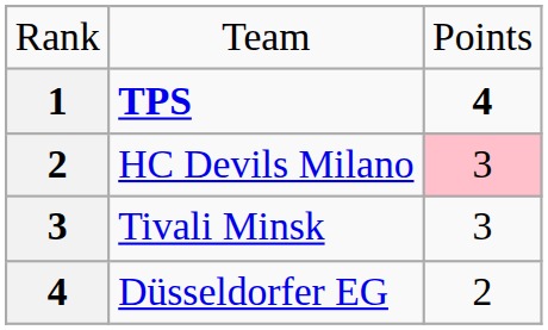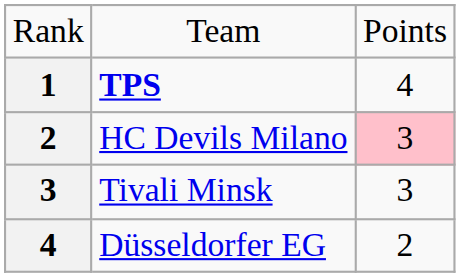 <table class="wikitable" style="text-align: center;">
 <tr>
 <td>Rank</td>
 <td>Team</td>
 <td>Points</td>
 </tr>
 <tr>
 <th>1</th>
 <td style="text-align: left;"> <strong><a href='#'>TPS</a></strong></td>
-<td><strong>4</strong></td>
+<td>4</td>
 </tr>
 <tr>
 <th>2</th>
 <td style="text-align: left;"> <a href='#'>HC Devils Milano</a></td>
 <td style="background: pink;">3</td>
 </tr>
 <tr>
 <th>3</th>
 <td style="text-align: left;"> <a href='#'>Tivali Minsk</a></td>
 <td>3</td>
 </tr>
 <tr>
 <th>4</th>
 <td style="text-align: left;"> <a href='#'>Düsseldorfer EG</a></td>
 <td>2</td>
 </tr>
 </table>
